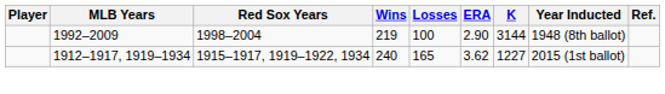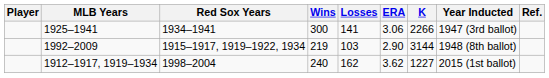 <table class="wikitable sortable">
 <tr>
 <th>Player</th>
 <th>MLB Years</th>
 <th>Red Sox Years</th>
 <th><a href='#'><span>Wins</span></a></th>
 <th><a href='#'><span>Losses</span></a></th>
 <th><a href='#'><span>ERA</span></a></th>
 <th><a href='#'><span>K</span></a></th>
 <th>Year Inducted</th>
 <th class="unsortable">Ref.</th>
 </tr>
 <tr>
+<td></td>
+<td>1925–1941</td>
+<td>1934–1941</td>
+<td>300</td>
+<td>141</td>
+<td>3.06</td>
+<td>2266</td>
+<td>1947 (3rd ballot)</td>
+<td></td>
+</tr>
+<tr>
 <td><strong></strong></td>
 <td>1992–2009</td>
-<td>1998–2004</td>
+<td>1915–1917, 1919–1922, 1934</td>
 <td>219</td>
-<td>100</td>
+<td>103</td>
 <td>2.90</td>
 <td>3144</td>
 <td>1948 (8th ballot)</td>
 <td></td>
 </tr>
 <tr>
 <td></td>
 <td>1912–1917, 1919–1934</td>
-<td>1915–1917, 1919–1922, 1934</td>
+<td>1998–2004</td>
 <td>240</td>
-<td>165</td>
+<td>162</td>
 <td>3.62</td>
 <td>1227</td>
 <td>2015 (1st ballot)</td>
 <td></td>
 </tr>
 </table>
